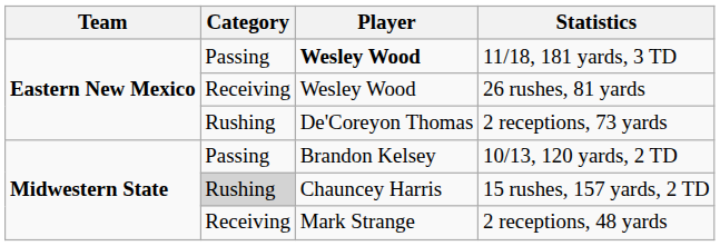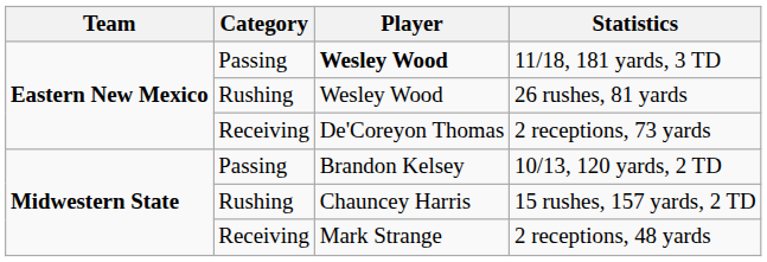 <table class="wikitable" style="float: left;">
 <tr>
 <th>Team</th>
 <th>Category</th>
 <th>Player</th>
 <th>Statistics</th>
 </tr>
 <tr>
 <td rowspan=3><strong>Eastern New Mexico</strong></td>
 <td>Passing</td>
 <td><strong>Wesley Wood</strong></td>
 <td>11/18, 181 yards, 3 TD</td>
 </tr>
 <tr>
-<td>Receiving</td>
+<td>Rushing</td>
 <td>Wesley Wood</td>
 <td>26 rushes, 81 yards</td>
 </tr>
 <tr>
-<td>Rushing</td>
+<td>Receiving</td>
 <td>De'Coreyon Thomas</td>
 <td>2 receptions, 73 yards</td>
 </tr>
 <tr>
 <td rowspan=3><strong>Midwestern State</strong></td>
 <td>Passing</td>
 <td>Brandon Kelsey</td>
 <td>10/13, 120 yards, 2 TD</td>
 </tr>
 <tr>
-<td style="background: lightgrey;">Rushing</td>
+<td>Rushing</td>
 <td>Chauncey Harris</td>
 <td>15 rushes, 157 yards, 2 TD</td>
 </tr>
 <tr>
 <td>Receiving</td>
 <td>Mark Strange</td>
 <td>2 receptions, 48 yards</td>
 </tr>
 </table>
